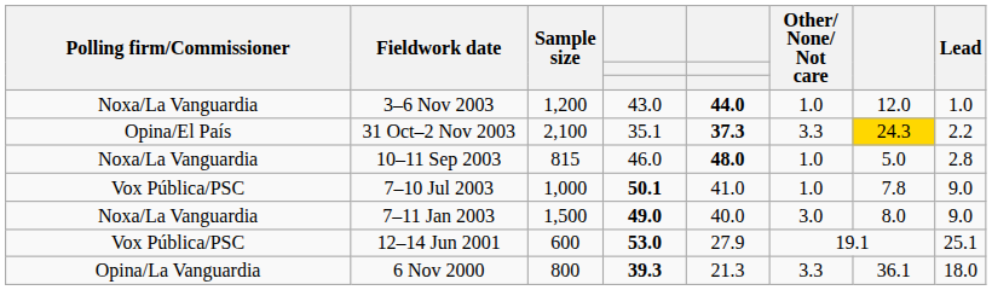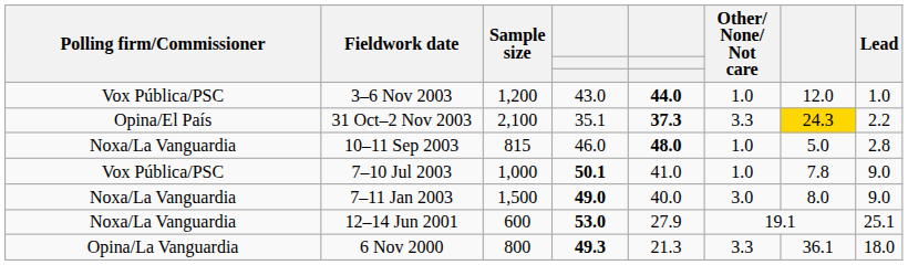 <table class="wikitable collapsible collapsed" style="text-align:center; font-size:90%; line-height:14px;">
 <tr style="height:42px;">
 <th style="width:250px;" rowspan="3">Polling firm/Commissioner</th>
 <th style="width:125px;" rowspan="3">Fieldwork date</th>
 <th style="width:50px;" rowspan="3">Sample size</th>
 <th style="width:55px;"></th>
 <th style="width:55px;"></th>
 <th style="width:55px;" rowspan="3">Other/<br>None/<br>Not<br>care</th>
 <th style="width:55px;" rowspan="3"></th>
 <th style="width:30px;" rowspan="3">Lead</th>
 </tr>
 <tr>
 <th style="color:inherit;background:"></th>
 <th style="color:inherit;background:"></th>
 </tr>
 <tr>
 <th></th>
 <th></th>
 </tr>
 <tr>
-<td>Noxa/La Vanguardia</td>
+<td>Vox Pública/PSC</td>
 <td>3–6 Nov 2003</td>
 <td>1,200</td>
 <td>43.0</td>
 <td><strong>44.0</strong></td>
 <td>1.0</td>
 <td>12.0</td>
 <td style="background:">1.0</td>
 </tr>
 <tr>
 <td>Opina/El País</td>
 <td>31 Oct–2 Nov 2003</td>
 <td>2,100</td>
 <td>35.1</td>
 <td><strong>37.3</strong></td>
 <td>3.3</td>
 <td style="background: gold;">24.3</td>
 <td style="background:">2.2</td>
 </tr>
 <tr>
 <td>Noxa/La Vanguardia</td>
 <td>10–11 Sep 2003</td>
 <td>815</td>
 <td>46.0</td>
 <td><strong>48.0</strong></td>
 <td>1.0</td>
 <td>5.0</td>
 <td style="background:">2.8</td>
 </tr>
 <tr>
 <td>Vox Pública/PSC</td>
 <td>7–10 Jul 2003</td>
 <td>1,000</td>
 <td><strong>50.1</strong></td>
 <td>41.0</td>
 <td>1.0</td>
 <td>7.8</td>
 <td style="background:">9.0</td>
 </tr>
 <tr>
 <td>Noxa/La Vanguardia</td>
 <td>7–11 Jan 2003</td>
 <td>1,500</td>
 <td><strong>49.0</strong></td>
 <td>40.0</td>
 <td>3.0</td>
 <td>8.0</td>
 <td style="background:">9.0</td>
 </tr>
 <tr>
-<td>Vox Pública/PSC</td>
+<td>Noxa/La Vanguardia</td>
 <td>12–14 Jun 2001</td>
 <td>600</td>
 <td><strong>53.0</strong></td>
 <td>27.9</td>
 <td colspan="2">19.1</td>
 <td style="background:">25.1</td>
 </tr>
 <tr>
 <td>Opina/La Vanguardia</td>
 <td>6 Nov 2000</td>
 <td>800</td>
-<td><strong>39.3</strong></td>
+<td><strong>49.3</strong></td>
 <td>21.3</td>
 <td>3.3</td>
 <td>36.1</td>
 <td style="background:">18.0</td>
 </tr>
 </table>
